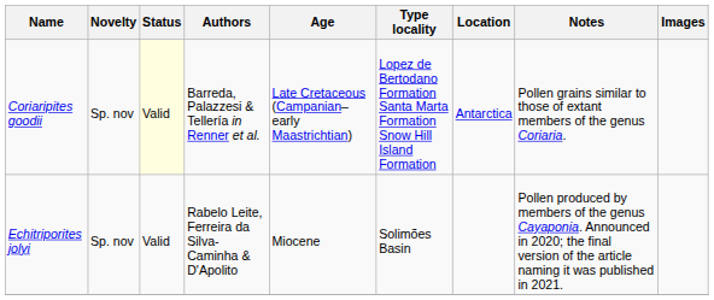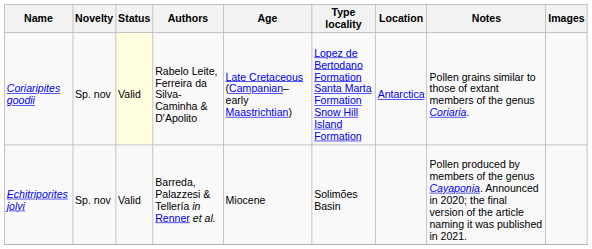 <table class="wikitable sortable" align="center" width="100%">
 <tr>
 <th>Name</th>
 <th>Novelty</th>
 <th>Status</th>
 <th>Authors</th>
 <th>Age</th>
 <th>Type locality</th>
 <th>Location</th>
 <th>Notes</th>
 <th>Images</th>
 </tr>
 <tr>
 <td><br><em><a href='#'>Coriaripites goodii</a></em></td>
 <td><br>Sp. nov</td>
 <td style="background: lightyellow;"><br>Valid</td>
-<td><br>Barreda, Palazzesi & Tellería <em>in</em> <a href='#'>Renner</a> <em>et al.</em></td>
+<td><br>Rabelo Leite, Ferreira da Silva-Caminha & D'Apolito</td>
 <td><br><a href='#'>Late Cretaceous</a> (<a href='#'>Campanian</a>–early <a href='#'>Maastrichtian</a>)</td>
 <td><br><a href='#'>Lopez de Bertodano Formation</a><br> <a href='#'>Santa Marta Formation</a><br> <a href='#'>Snow Hill Island Formation</a></td>
 <td><br><a href='#'>Antarctica</a></td>
 <td><br>Pollen grains similar to those of extant members of the genus <em><a href='#'>Coriaria</a></em>.</td>
 <td></td>
 </tr>
 <tr>
 <td><br><em><a href='#'>Echitriporites jolyi</a></em></td>
 <td><br>Sp. nov</td>
 <td><br>Valid</td>
-<td><br>Rabelo Leite, Ferreira da Silva-Caminha & D'Apolito</td>
+<td><br>Barreda, Palazzesi & Tellería <em>in</em> <a href='#'>Renner</a> <em>et al.</em></td>
 <td><br>Miocene</td>
 <td><br>Solimões Basin</td>
 <td><br></td>
 <td><br>Pollen produced by members of the genus <em><a href='#'>Cayaponia</a></em>. Announced in 2020; the final version of the article naming it was published in 2021.</td>
 <td></td>
 </tr>
 <tr>
 </tr>
 </table>
